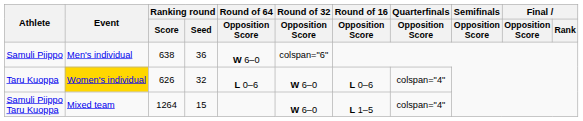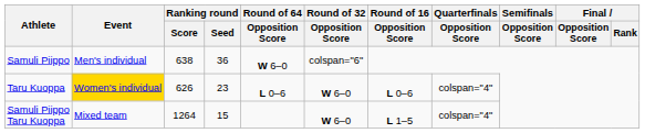 <table class="wikitable" style="text-align:center; font-size:90%">
 <tr>
 <th rowspan="2">Athlete</th>
 <th rowspan="2">Event</th>
 <th colspan="2">Ranking round</th>
 <th>Round of 64</th>
 <th>Round of 32</th>
 <th>Round of 16</th>
 <th>Quarterfinals</th>
 <th>Semifinals</th>
 <th colspan="2">Final / </th>
 </tr>
 <tr style="font-size:95%">
 <th>Score</th>
 <th>Seed</th>
 <th>Opposition<br>Score</th>
 <th>Opposition<br>Score</th>
 <th>Opposition<br>Score</th>
 <th>Opposition<br>Score</th>
 <th>Opposition<br>Score</th>
 <th>Opposition<br>Score</th>
 <th>Rank</th>
 </tr>
 <tr>
 <td align="left"><a href='#'>Samuli Piippo</a></td>
 <td align="left"><a href='#'>Men's individual</a></td>
 <td>638</td>
 <td>36</td>
 <td><br> <strong>W</strong> 6–0</td>
 <td>colspan="6" </td>
 </tr>
 <tr>
 <td align="left"><a href='#'>Taru Kuoppa</a></td>
 <td align="left" style="background: gold;"><a href='#'>Women's individual</a></td>
 <td>626</td>
-<td>32</td>
+<td>23</td>
 <td><br><strong>L</strong> 0–6</td>
 <td><br> <strong>W</strong> 6–0</td>
 <td><br> <strong>L</strong> 0–6</td>
 <td>colspan="4" </td>
 </tr>
 <tr>
 <td align="left"><a href='#'>Samuli Piippo</a><br><a href='#'>Taru Kuoppa</a></td>
 <td align="left"><a href='#'>Mixed team</a></td>
 <td>1264</td>
 <td>15</td>
 <td></td>
 <td><br><strong>W</strong> 6–0</td>
 <td><br><strong>L</strong> 1–5</td>
 <td>colspan="4" </td>
 </tr>
 </table>
